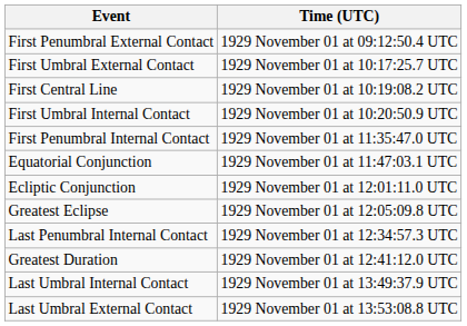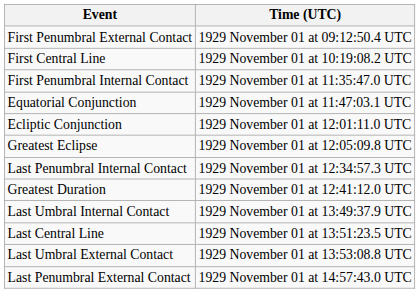 <table class="wikitable">
 <tr>
 <th>Event</th>
 <th>Time (UTC)</th>
 </tr>
 <tr>
 <td>First Penumbral External Contact</td>
 <td>1929 November 01 at 09:12:50.4 UTC</td>
 </tr>
 <tr>
-<td>First Umbral External Contact</td>
-<td>1929 November 01 at 10:17:25.7 UTC</td>
-</tr>
-<tr>
 <td>First Central Line</td>
 <td>1929 November 01 at 10:19:08.2 UTC</td>
-</tr>
-<tr>
-<td>First Umbral Internal Contact</td>
-<td>1929 November 01 at 10:20:50.9 UTC</td>
 </tr>
 <tr>
 <td>First Penumbral Internal Contact</td>
 <td>1929 November 01 at 11:35:47.0 UTC</td>
 </tr>
 <tr>
 <td>Equatorial Conjunction</td>
 <td>1929 November 01 at 11:47:03.1 UTC</td>
 </tr>
 <tr>
 <td>Ecliptic Conjunction</td>
 <td>1929 November 01 at 12:01:11.0 UTC</td>
 </tr>
 <tr>
 <td>Greatest Eclipse</td>
 <td>1929 November 01 at 12:05:09.8 UTC</td>
 </tr>
 <tr>
 <td>Last Penumbral Internal Contact</td>
 <td>1929 November 01 at 12:34:57.3 UTC</td>
 </tr>
 <tr>
 <td>Greatest Duration</td>
 <td>1929 November 01 at 12:41:12.0 UTC</td>
 </tr>
 <tr>
 <td>Last Umbral Internal Contact</td>
 <td>1929 November 01 at 13:49:37.9 UTC</td>
 </tr>
 <tr>
+<td>Last Central Line</td>
+<td>1929 November 01 at 13:51:23.5 UTC</td>
+</tr>
+<tr>
 <td>Last Umbral External Contact</td>
 <td>1929 November 01 at 13:53:08.8 UTC</td>
 </tr>
+<tr>
+<td>Last Penumbral External Contact</td>
+<td>1929 November 01 at 14:57:43.0 UTC</td>
+</tr>
 </table>
